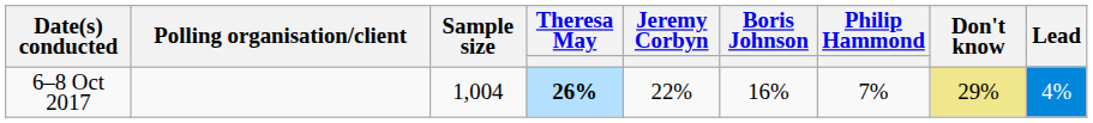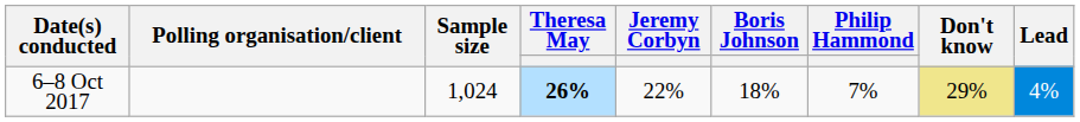 <table class="wikitable collapsible sortable" style="text-align:center;font-size:98%;line-height:14px">
 <tr>
 <th style="width:80px;" rowspan="2">Date(s)<br>conducted</th>
 <th style="width:200px;" rowspan="2">Polling organisation/client</th>
 <th style="width:60px;" rowspan="2">Sample size</th>
 <th style="width:60px;" class="unsortable"><a href='#'>Theresa May</a></th>
 <th style="width:60px;" class="unsortable"><a href='#'>Jeremy Corbyn</a></th>
 <th style="width:60px;" class="unsortable"><a href='#'>Boris Johnson</a></th>
 <th style="width:60px;" class="unsortable"><a href='#'>Philip Hammond</a></th>
 <th style="width:60px;" rowspan="2" class="unsortable">Don't <br>know</th>
 <th class="unsortable" style="width:20px;" rowspan="2">Lead</th>
 </tr>
 <tr>
 <th class="unsortable" style="color:inherit;background:"></th>
 <th class="unsortable" style="color:inherit;background:"></th>
 <th class="unsortable" style="color:inherit;background:"></th>
 <th class="unsortable" style="color:inherit;background:"></th>
 </tr>
 <tr>
 <td>6–8 Oct 2017</td>
 <td></td>
-<td>1,004</td>
+<td>1,024</td>
 <td style="background:#B3E0FF"><strong>26%</strong></td>
 <td>22%</td>
-<td>16%</td>
+<td>18%</td>
 <td>7%</td>
 <td style="background: khaki;">29%</td>
 <td style="background:#0087DC; color:white;">4%</td>
 </tr>
 </table>
